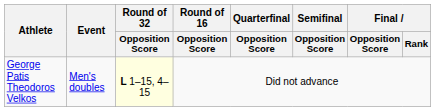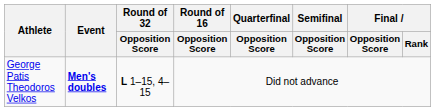 <table class=wikitable style="font-size:90%">
 <tr>
 <th rowspan="2">Athlete</th>
 <th rowspan="2">Event</th>
 <th>Round of 32</th>
 <th>Round of 16</th>
 <th>Quarterfinal</th>
 <th>Semifinal</th>
 <th colspan=2>Final / </th>
 </tr>
 <tr style="font-size:95%">
 <th>Opposition<br>Score</th>
 <th>Opposition<br>Score</th>
 <th>Opposition<br>Score</th>
 <th>Opposition<br>Score</th>
 <th>Opposition<br>Score</th>
 <th>Rank</th>
 </tr>
 <tr align=center>
 <td align=left><a href='#'>George Patis</a><br><a href='#'>Theodoros Velkos</a></td>
-<td align=left><a href='#'>Men's doubles</a></td>
-<td style="background: lightyellow;"><br><strong>L</strong> 1–15, 4–15</td>
+<td align=left><strong><a href='#'>Men's doubles</a></strong></td>
+<td><br><strong>L</strong> 1–15, 4–15</td>
 <td colspan=5>Did not advance</td>
 </tr>
 </table>
